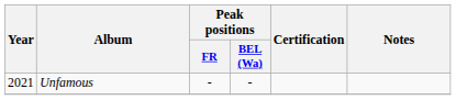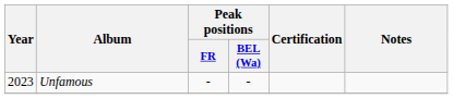 <table class="wikitable">
 <tr>
 <th rowspan="2" width="10">Year</th>
 <th rowspan="2" width="180">Album</th>
 <th colspan="2" width="30">Peak positions</th>
 <th rowspan="2" width="80">Certification</th>
 <th rowspan="2" width="120">Notes</th>
 </tr>
 <tr>
 <th scope="col" style="width:3em;font-size:90%;"><a href='#'>FR</a><br></th>
 <th scope="col" style="width:3em;font-size:90%;"><a href='#'>BEL <br>(Wa)</a><br></th>
 </tr>
 <tr>
-<td align="center">2021</td>
+<td align="center">2023</td>
 <td><em>Unfamous</em></td>
 <td align="center">-</td>
 <td align="center">-</td>
 <td align="center"></td>
 <td></td>
 </tr>
 <tr>
 </tr>
 </table>
